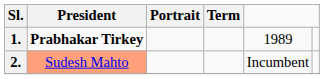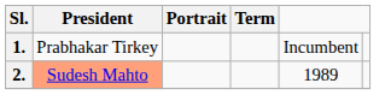 <table class="wikitable sortable" style="text-align:center;">
 <tr>
 <th Style="background-color:">Sl.</th>
 <th Style="background-color:">President</th>
 <th Style="background-color:">Portrait</th>
 <th Style="background-color:">Term</th>
 </tr>
 <tr>
 <th>1.</th>
-<td><strong>Prabhakar Tirkey</strong></td>
+<td>Prabhakar Tirkey</td>
 <td></td>
 <td></td>
-<td>1989</td>
+<td>Incumbent</td>
 <td></td>
 </tr>
 <tr>
 <th>2.</th>
 <td style="background: lightsalmon;"><a href='#'>Sudesh Mahto</a></td>
 <td></td>
 <td></td>
-<td>Incumbent</td>
+<td>1989</td>
 <td></td>
 </tr>
 <tr>
 </tr>
 </table>
